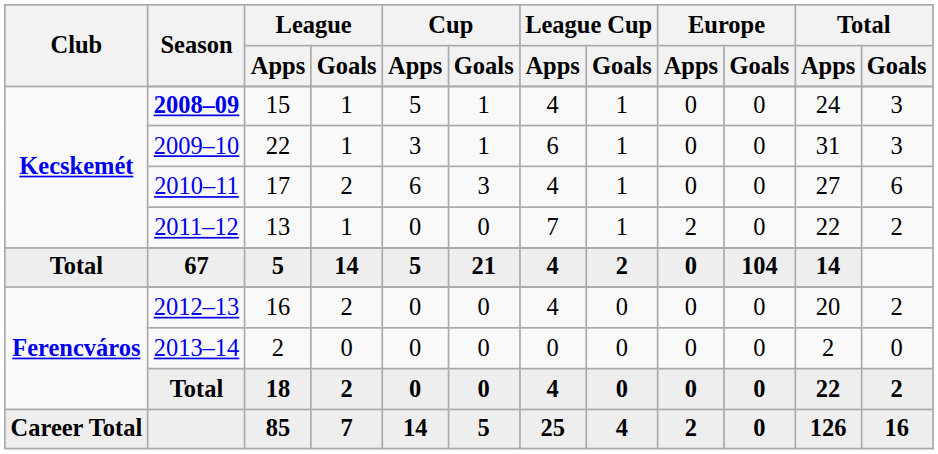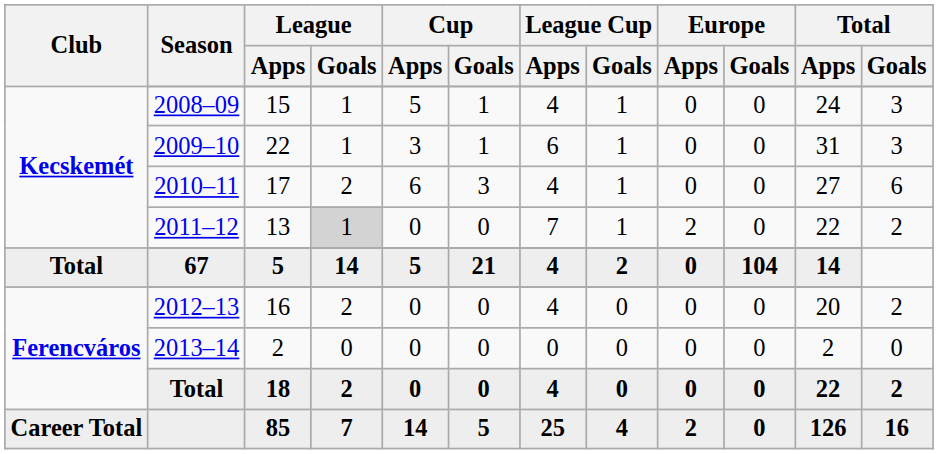 <table class="wikitable" style="font-size:90%; text-align: center;">
 <tr>
 <th rowspan="2">Club</th>
 <th rowspan="2">Season</th>
 <th colspan="2">League</th>
 <th colspan="2">Cup</th>
 <th colspan="2">League Cup</th>
 <th colspan="2">Europe</th>
 <th colspan="2">Total</th>
 </tr>
 <tr>
 <th>Apps</th>
 <th>Goals</th>
 <th>Apps</th>
 <th>Goals</th>
 <th>Apps</th>
 <th>Goals</th>
 <th>Apps</th>
 <th>Goals</th>
 <th>Apps</th>
 <th>Goals</th>
 </tr>
 <tr ||-||-||-|->
 <td rowspan="6" valign="center"><strong><a href='#'>Kecskemét</a></strong></td>
 </tr>
 <tr>
-<td><strong><a href='#'>2008–09</a></strong></td>
+<td><a href='#'>2008–09</a></td>
 <td>15</td>
 <td>1</td>
 <td>5</td>
 <td>1</td>
 <td>4</td>
 <td>1</td>
 <td>0</td>
 <td>0</td>
 <td>24</td>
 <td>3</td>
 </tr>
 <tr>
 <td><a href='#'>2009–10</a></td>
 <td>22</td>
 <td>1</td>
 <td>3</td>
 <td>1</td>
 <td>6</td>
 <td>1</td>
 <td>0</td>
 <td>0</td>
 <td>31</td>
 <td>3</td>
 </tr>
 <tr>
 <td><a href='#'>2010–11</a></td>
 <td>17</td>
 <td>2</td>
 <td>6</td>
 <td>3</td>
 <td>4</td>
 <td>1</td>
 <td>0</td>
 <td>0</td>
 <td>27</td>
 <td>6</td>
 </tr>
 <tr>
 <td><a href='#'>2011–12</a></td>
 <td>13</td>
-<td>1</td>
+<td style="background: lightgrey;">1</td>
 <td>0</td>
 <td>0</td>
 <td>7</td>
 <td>1</td>
 <td>2</td>
 <td>0</td>
 <td>22</td>
 <td>2</td>
 </tr>
 <tr>
 </tr>
 <tr style="font-weight:bold; background-color:#eeeeee;">
 <td>Total</td>
 <td>67</td>
 <td>5</td>
 <td>14</td>
 <td>5</td>
 <td>21</td>
 <td>4</td>
 <td>2</td>
 <td>0</td>
 <td>104</td>
 <td>14</td>
 </tr>
 <tr>
 <td rowspan="4" valign="center"><strong><a href='#'>Ferencváros</a></strong></td>
 </tr>
 <tr>
 <td><a href='#'>2012–13</a></td>
 <td>16</td>
 <td>2</td>
 <td>0</td>
 <td>0</td>
 <td>4</td>
 <td>0</td>
 <td>0</td>
 <td>0</td>
 <td>20</td>
 <td>2</td>
 </tr>
 <tr>
 <td><a href='#'>2013–14</a></td>
 <td>2</td>
 <td>0</td>
 <td>0</td>
 <td>0</td>
 <td>0</td>
 <td>0</td>
 <td>0</td>
 <td>0</td>
 <td>2</td>
 <td>0</td>
 </tr>
 <tr style="font-weight:bold; background-color:#eeeeee;">
 <td>Total</td>
 <td>18</td>
 <td>2</td>
 <td>0</td>
 <td>0</td>
 <td>4</td>
 <td>0</td>
 <td>0</td>
 <td>0</td>
 <td>22</td>
 <td>2</td>
 </tr>
 <tr style="font-weight:bold; background-color:#eeeeee;">
 <td rowspan="2" valign="top"><strong>Career Total</strong></td>
 <td></td>
 <td><strong>85</strong></td>
 <td><strong>7</strong></td>
 <td><strong>14</strong></td>
 <td><strong>5</strong></td>
 <td><strong>25</strong></td>
 <td><strong>4</strong></td>
 <td><strong>2</strong></td>
 <td><strong>0</strong></td>
 <td><strong>126</strong></td>
 <td><strong>16</strong></td>
 </tr>
 </table>
